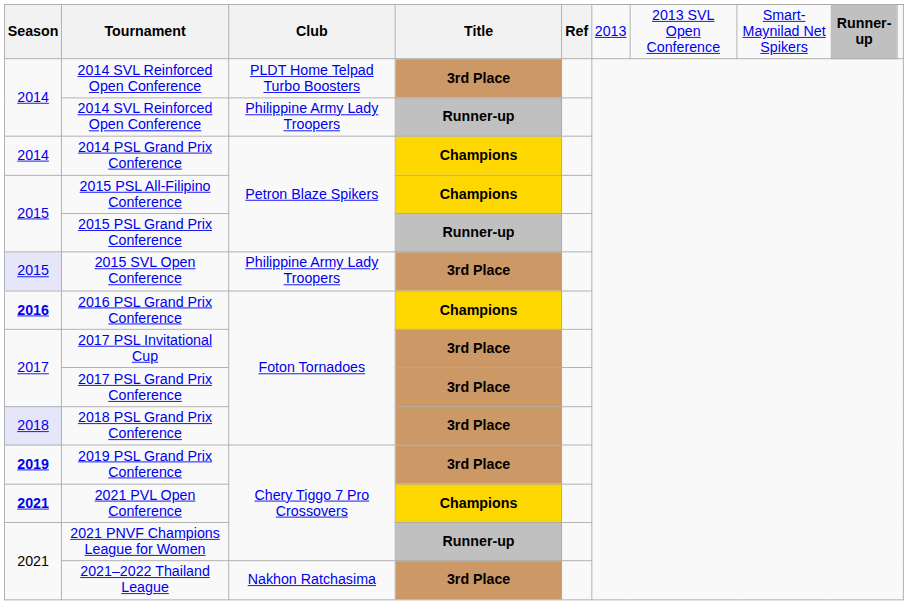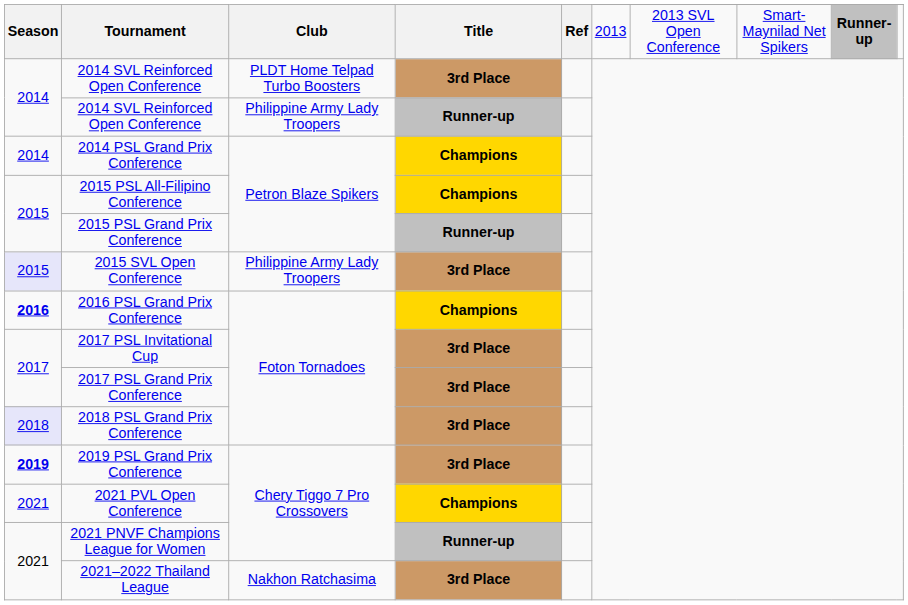 <table class="wikitable sortable" style="text-align:center" width="80%">
 <tr>
 <th style="width:25px;" rowspan="2">Season</th>
 <th style="width:180px;" rowspan="2">Tournament</th>
 <th style="width:180px;" rowspan="2">Club</th>
 <th style="width:180px;" rowspan="2">Title</th>
 <th style="width:25px;" rowspan="2">Ref</th>
 </tr>
 <tr>
 <td><a href='#'>2013</a></td>
 <td><a href='#'>2013 SVL Open Conference</a></td>
 <td><a href='#'>Smart-Maynilad Net Spikers</a></td>
 <td bgcolor=silver align=center><strong>Runner-up</strong></td>
 <td></td>
 </tr>
 <tr>
 <td rowspan="2"><a href='#'>2014</a></td>
 <td><a href='#'>2014 SVL Reinforced Open Conference</a></td>
 <td><a href='#'>PLDT Home Telpad Turbo Boosters</a></td>
 <td style="background:#c96;"><strong>3rd Place</strong></td>
 <td></td>
 </tr>
 <tr>
 <td><a href='#'>2014 SVL Reinforced Open Conference</a></td>
 <td><a href='#'>Philippine Army Lady Troopers</a></td>
 <td bgcolor=silver align=center><strong>Runner-up</strong></td>
 <td></td>
 </tr>
 <tr>
 <td><a href='#'>2014</a></td>
 <td><a href='#'>2014 PSL Grand Prix Conference</a></td>
 <td rowspan="3"><a href='#'>Petron Blaze Spikers</a></td>
 <td style="background:gold;"><strong>Champions</strong></td>
 <td></td>
 </tr>
 <tr>
 <td rowspan="2"><a href='#'>2015</a></td>
 <td><a href='#'>2015 PSL All-Filipino Conference</a></td>
 <td style="background:gold;"><strong>Champions</strong></td>
 <td></td>
 </tr>
 <tr>
 <td><a href='#'>2015 PSL Grand Prix Conference</a></td>
 <td bgcolor=silver align=center><strong>Runner-up</strong></td>
 <td></td>
 </tr>
 <tr>
 <td style="background: lavender;"><a href='#'>2015</a></td>
 <td><a href='#'>2015 SVL Open Conference</a></td>
 <td><a href='#'>Philippine Army Lady Troopers</a></td>
 <td style="background:#c96;"><strong>3rd Place</strong></td>
 <td></td>
 </tr>
 <tr>
 <td><strong><a href='#'>2016</a></strong></td>
 <td><a href='#'>2016 PSL Grand Prix Conference</a></td>
 <td rowspan="4"><a href='#'>Foton Tornadoes</a></td>
 <td style="background:gold;"><strong>Champions</strong></td>
 <td></td>
 </tr>
 <tr>
 <td rowspan="2"><a href='#'>2017</a></td>
 <td><a href='#'>2017 PSL Invitational Cup</a></td>
 <td style="background:#c96;"><strong>3rd Place</strong></td>
 <td></td>
 </tr>
 <tr>
 <td><a href='#'>2017 PSL Grand Prix Conference</a></td>
 <td style="background:#c96;"><strong>3rd Place</strong></td>
 <td></td>
 </tr>
 <tr>
 <td style="background: lavender;"><a href='#'>2018</a></td>
 <td><a href='#'>2018 PSL Grand Prix Conference</a></td>
 <td style="background:#c96;"><strong>3rd Place</strong></td>
 <td></td>
 </tr>
 <tr>
 <td><strong><a href='#'>2019</a></strong></td>
 <td><a href='#'>2019 PSL Grand Prix Conference</a></td>
 <td rowspan="3"><a href='#'>Chery Tiggo 7 Pro Crossovers</a></td>
 <td style="background:#c96;"><strong>3rd Place</strong></td>
 <td></td>
 </tr>
 <tr>
-<td><strong><a href='#'>2021</a></strong></td>
+<td><a href='#'>2021</a></td>
 <td><a href='#'>2021 PVL Open Conference</a></td>
 <td style="background:gold;"><strong>Champions</strong></td>
 <td></td>
 </tr>
 <tr>
 <td rowspan="2">2021</td>
 <td><a href='#'>2021 PNVF Champions League for Women</a></td>
 <td bgcolor=silver align=center><strong>Runner-up</strong></td>
 <td></td>
 </tr>
 <tr>
 <td><a href='#'>2021–2022 Thailand League</a></td>
 <td><a href='#'>Nakhon Ratchasima</a></td>
 <td style="background:#c96;"><strong>3rd Place</strong></td>
 <td></td>
 </tr>
 </table>
